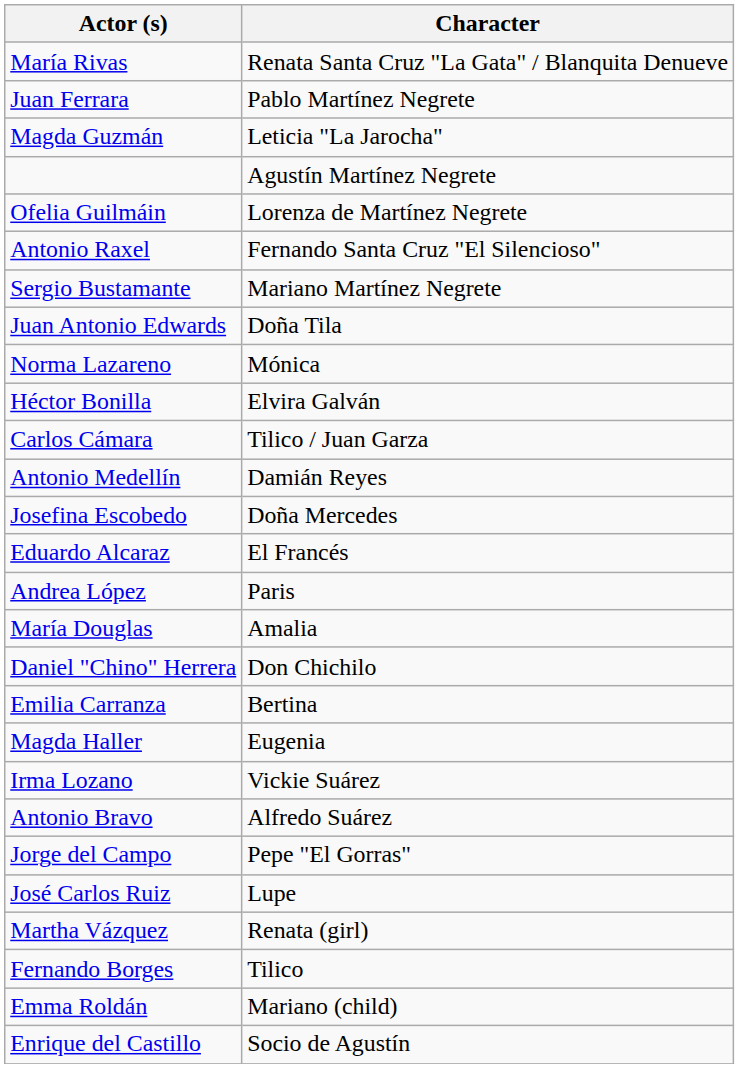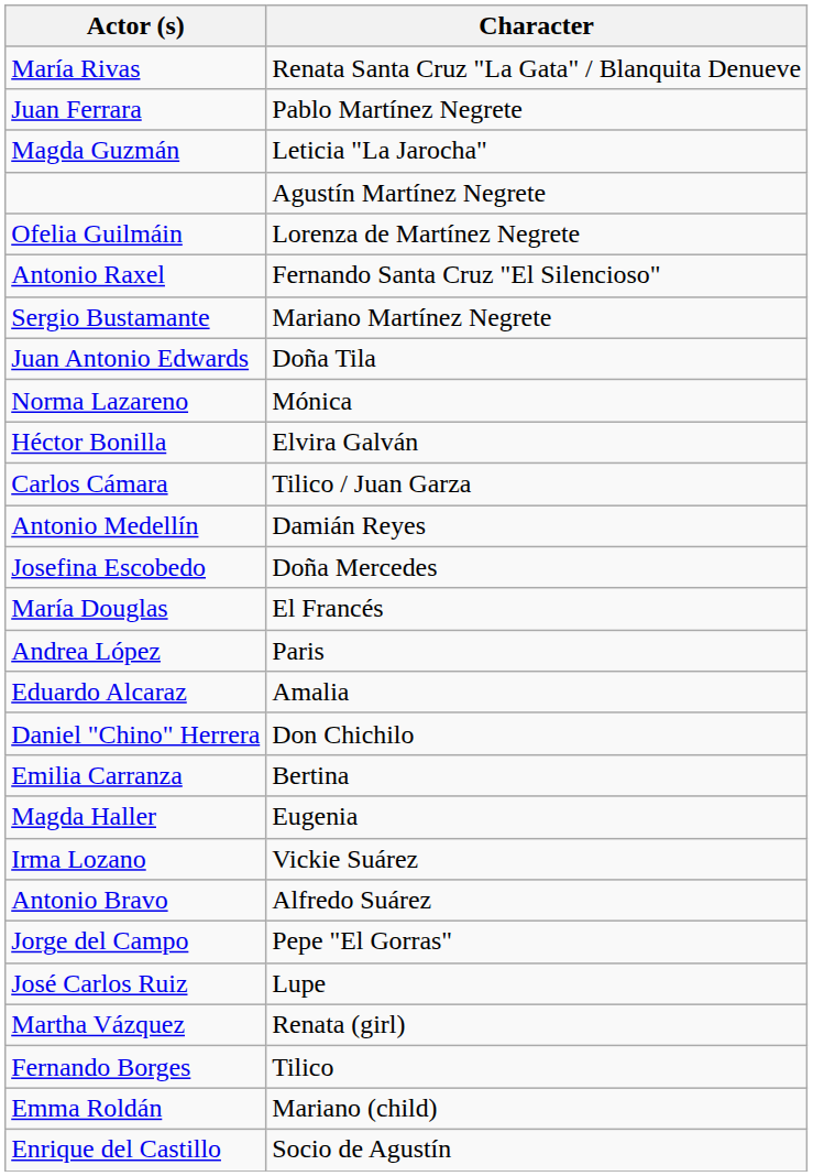 <table class="wikitable">
 <tr>
 <th>Actor (s)</th>
 <th>Character</th>
 </tr>
 <tr>
 <td><a href='#'>María Rivas</a></td>
 <td>Renata Santa Cruz "La Gata" / Blanquita Denueve</td>
 </tr>
 <tr>
 <td><a href='#'>Juan Ferrara</a></td>
 <td>Pablo Martínez Negrete</td>
 </tr>
 <tr>
 <td><a href='#'>Magda Guzmán</a></td>
 <td>Leticia "La Jarocha"</td>
 </tr>
 <tr>
 <td></td>
 <td>Agustín Martínez Negrete</td>
 </tr>
 <tr>
 <td><a href='#'>Ofelia Guilmáin</a></td>
 <td>Lorenza de Martínez Negrete</td>
 </tr>
 <tr>
 <td><a href='#'>Antonio Raxel</a></td>
 <td>Fernando Santa Cruz "El Silencioso"</td>
 </tr>
 <tr>
 <td><a href='#'>Sergio Bustamante</a></td>
 <td>Mariano Martínez Negrete</td>
 </tr>
 <tr>
 <td><a href='#'>Juan Antonio Edwards</a></td>
 <td>Doña Tila</td>
 </tr>
 <tr>
 <td><a href='#'>Norma Lazareno</a></td>
 <td>Mónica</td>
 </tr>
 <tr>
 <td><a href='#'>Héctor Bonilla</a></td>
 <td>Elvira Galván</td>
 </tr>
 <tr>
 <td><a href='#'>Carlos Cámara</a></td>
 <td>Tilico / Juan Garza</td>
 </tr>
 <tr>
 <td><a href='#'>Antonio Medellín</a></td>
 <td>Damián Reyes</td>
 </tr>
 <tr>
 <td><a href='#'>Josefina Escobedo</a></td>
 <td>Doña Mercedes</td>
 </tr>
 <tr>
-<td><a href='#'>Eduardo Alcaraz</a></td>
+<td><a href='#'>María Douglas</a></td>
 <td>El Francés</td>
 </tr>
 <tr>
 <td><a href='#'>Andrea López</a></td>
 <td>Paris</td>
 </tr>
 <tr>
-<td><a href='#'>María Douglas</a></td>
+<td><a href='#'>Eduardo Alcaraz</a></td>
 <td>Amalia</td>
 </tr>
 <tr>
 <td><a href='#'>Daniel "Chino" Herrera</a></td>
 <td>Don Chichilo</td>
 </tr>
 <tr>
 <td><a href='#'>Emilia Carranza</a></td>
 <td>Bertina</td>
 </tr>
 <tr>
 <td><a href='#'>Magda Haller</a></td>
 <td>Eugenia</td>
 </tr>
 <tr>
 <td><a href='#'>Irma Lozano</a></td>
 <td>Vickie Suárez</td>
 </tr>
 <tr>
 <td><a href='#'>Antonio Bravo</a></td>
 <td>Alfredo Suárez</td>
 </tr>
 <tr>
 <td><a href='#'>Jorge del Campo</a></td>
 <td>Pepe "El Gorras"</td>
 </tr>
 <tr>
 <td><a href='#'>José Carlos Ruiz</a></td>
 <td>Lupe</td>
 </tr>
 <tr>
 <td><a href='#'>Martha Vázquez</a></td>
 <td>Renata (girl)</td>
 </tr>
 <tr>
 <td><a href='#'>Fernando Borges</a></td>
 <td>Tilico</td>
 </tr>
 <tr>
 <td><a href='#'>Emma Roldán</a></td>
 <td>Mariano (child)</td>
 </tr>
 <tr>
 <td><a href='#'>Enrique del Castillo</a></td>
 <td>Socio de Agustín</td>
 </tr>
 <tr>
 </tr>
 </table>
